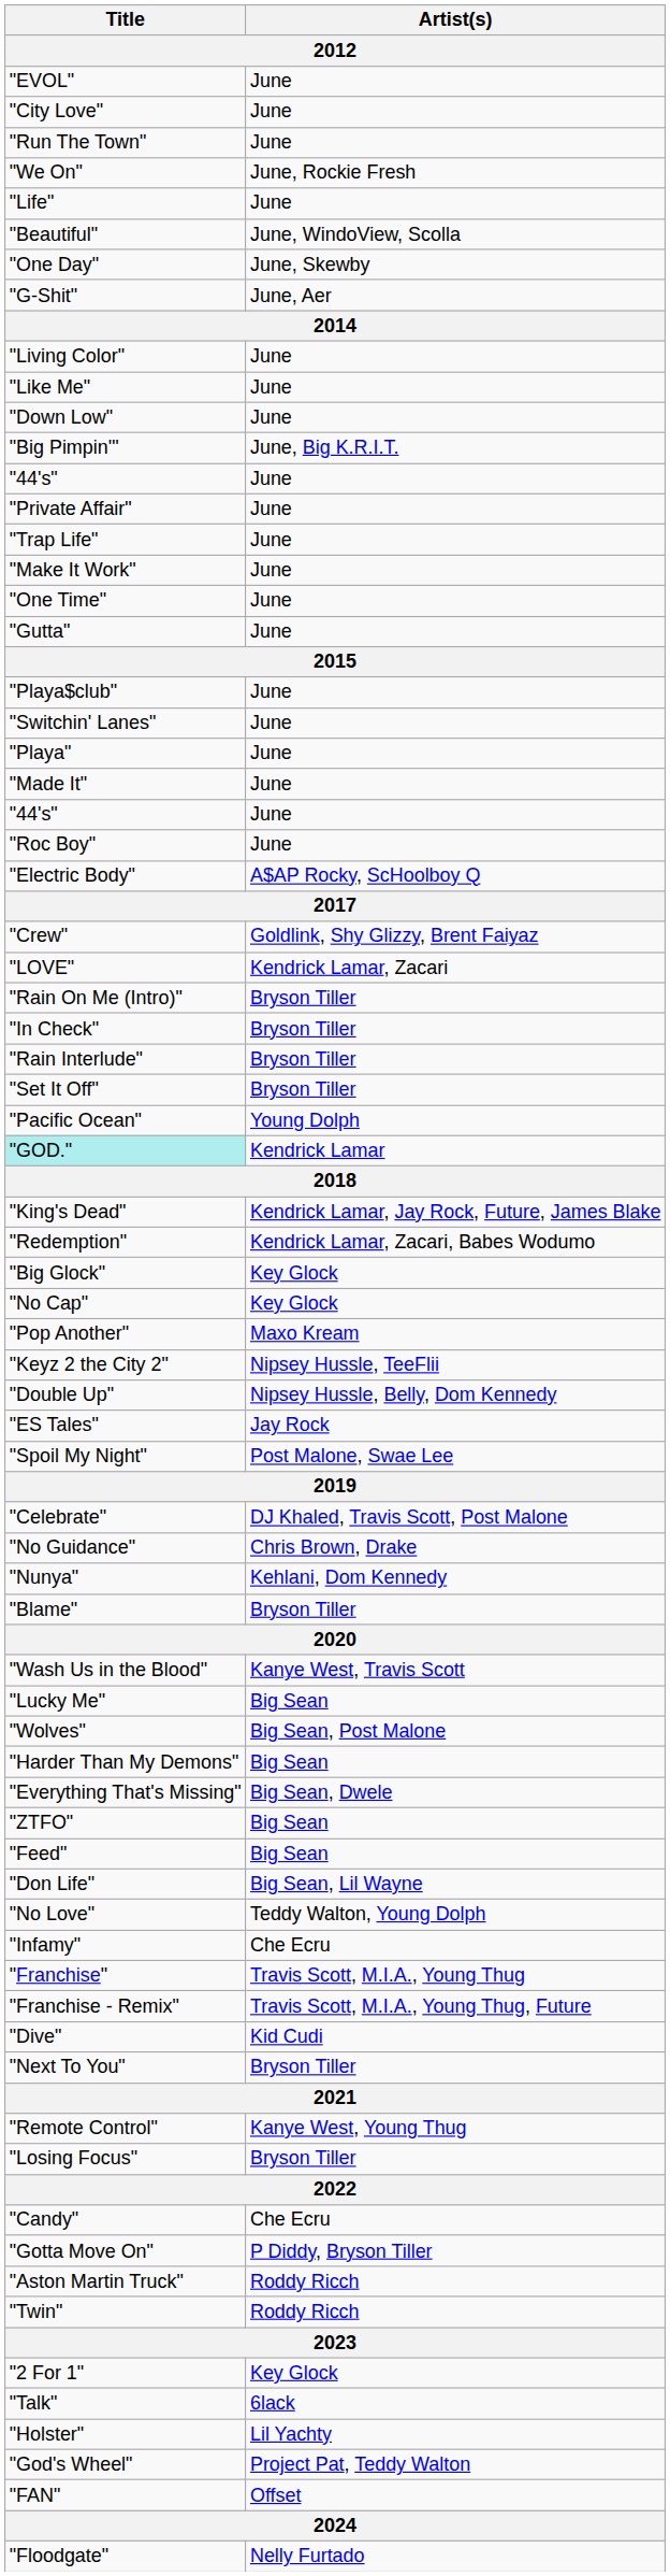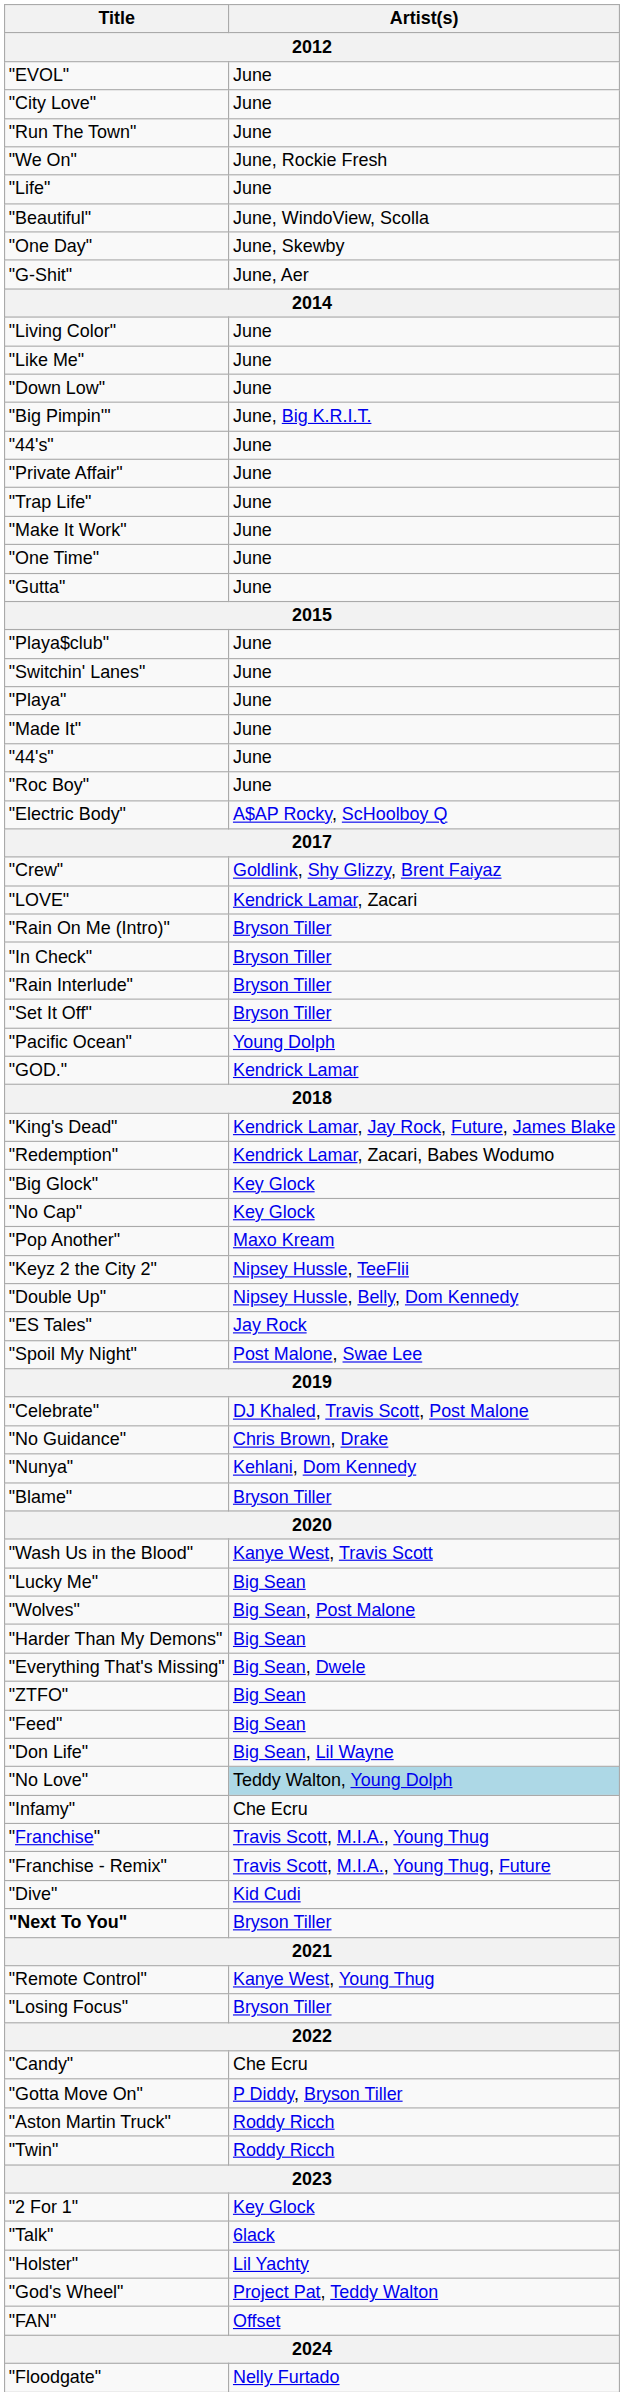 <table class="wikitable">
 <tr>
 <th>Title</th>
 <th>Artist(s)</th>
 </tr>
 <tr>
 <th colspan="2">2012</th>
 </tr>
 <tr>
 <td>"EVOL"</td>
 <td>June</td>
 </tr>
 <tr>
 <td>"City Love"</td>
 <td>June</td>
 </tr>
 <tr>
 <td>"Run The Town"</td>
 <td>June</td>
 </tr>
 <tr>
 <td>"We On"</td>
 <td>June, Rockie Fresh</td>
 </tr>
 <tr>
 <td>"Life"</td>
 <td>June</td>
 </tr>
 <tr>
 <td>"Beautiful"</td>
 <td>June, WindoView, Scolla</td>
 </tr>
 <tr>
 <td>"One Day"</td>
 <td>June, Skewby</td>
 </tr>
 <tr>
 <td>"G-Shit"</td>
 <td>June, Aer</td>
 </tr>
 <tr>
 <th colspan="2">2014</th>
 </tr>
 <tr>
 <td>"Living Color"</td>
 <td>June</td>
 </tr>
 <tr>
 <td>"Like Me"</td>
 <td>June</td>
 </tr>
 <tr>
 <td>"Down Low"</td>
 <td>June</td>
 </tr>
 <tr>
 <td>"Big Pimpin'"</td>
 <td>June, <a href='#'>Big K.R.I.T.</a></td>
 </tr>
 <tr>
 <td>"44's"</td>
 <td>June</td>
 </tr>
 <tr>
 <td>"Private Affair"</td>
 <td>June</td>
 </tr>
 <tr>
 <td>"Trap Life"</td>
 <td>June</td>
 </tr>
 <tr>
 <td>"Make It Work"</td>
 <td>June</td>
 </tr>
 <tr>
 <td>"One Time"</td>
 <td>June</td>
 </tr>
 <tr>
 <td>"Gutta"</td>
 <td>June</td>
 </tr>
 <tr>
 <th colspan="2">2015</th>
 </tr>
 <tr>
 <td>"Playa$club"</td>
 <td>June</td>
 </tr>
 <tr>
 <td>"Switchin' Lanes"</td>
 <td>June</td>
 </tr>
 <tr>
 <td>"Playa"</td>
 <td>June</td>
 </tr>
 <tr>
 <td>"Made It"</td>
 <td>June</td>
 </tr>
 <tr>
 <td>"44's"</td>
 <td>June</td>
 </tr>
 <tr>
 <td>"Roc Boy"</td>
 <td>June</td>
 </tr>
 <tr>
 <td>"Electric Body"</td>
 <td><a href='#'>A$AP Rocky</a>, <a href='#'>ScHoolboy Q</a></td>
 </tr>
 <tr>
 <th colspan="2">2017</th>
 </tr>
 <tr>
 <td>"Crew"</td>
 <td><a href='#'>Goldlink</a>, <a href='#'>Shy Glizzy</a>, <a href='#'>Brent Faiyaz</a></td>
 </tr>
 <tr>
 <td>"LOVE"</td>
 <td><a href='#'>Kendrick Lamar</a>, Zacari</td>
 </tr>
 <tr>
 <td>"Rain On Me (Intro)"</td>
 <td><a href='#'>Bryson Tiller</a></td>
 </tr>
 <tr>
 <td>"In Check"</td>
 <td><a href='#'>Bryson Tiller</a></td>
 </tr>
 <tr>
 <td>"Rain Interlude"</td>
 <td><a href='#'>Bryson Tiller</a></td>
 </tr>
 <tr>
 <td>"Set It Off"</td>
 <td><a href='#'>Bryson Tiller</a></td>
 </tr>
 <tr>
 <td>"Pacific Ocean"</td>
 <td><a href='#'>Young Dolph</a></td>
 </tr>
 <tr>
-<td style="background: paleturquoise;">"GOD."</td>
+<td>"GOD."</td>
 <td><a href='#'>Kendrick Lamar</a></td>
 </tr>
 <tr>
 <th colspan="2">2018</th>
 </tr>
 <tr>
 <td>"King's Dead"</td>
 <td><a href='#'>Kendrick Lamar</a>, <a href='#'>Jay Rock</a>, <a href='#'>Future</a>, <a href='#'>James Blake</a></td>
 </tr>
 <tr>
 <td>"Redemption"</td>
 <td><a href='#'>Kendrick Lamar</a>, Zacari, Babes Wodumo</td>
 </tr>
 <tr>
 <td>"Big Glock"</td>
 <td><a href='#'>Key Glock</a></td>
 </tr>
 <tr>
 <td>"No Cap"</td>
 <td><a href='#'>Key Glock</a></td>
 </tr>
 <tr>
 <td>"Pop Another"</td>
 <td><a href='#'>Maxo Kream</a></td>
 </tr>
 <tr>
 <td>"Keyz 2 the City 2"</td>
 <td><a href='#'>Nipsey Hussle</a>, <a href='#'>TeeFlii</a></td>
 </tr>
 <tr>
 <td>"Double Up"</td>
 <td><a href='#'>Nipsey Hussle</a>, <a href='#'>Belly</a>, <a href='#'>Dom Kennedy</a></td>
 </tr>
 <tr>
 <td>"ES Tales"</td>
 <td><a href='#'>Jay Rock</a></td>
 </tr>
 <tr>
 <td>"Spoil My Night"</td>
 <td><a href='#'>Post Malone</a>, <a href='#'>Swae Lee</a></td>
 </tr>
 <tr>
 <th colspan="2">2019</th>
 </tr>
 <tr>
 <td>"Celebrate"</td>
 <td><a href='#'>DJ Khaled</a>, <a href='#'>Travis Scott</a>, <a href='#'>Post Malone</a></td>
 </tr>
 <tr>
 <td>"No Guidance"</td>
 <td><a href='#'>Chris Brown</a>, <a href='#'>Drake</a></td>
 </tr>
 <tr>
 <td>"Nunya"</td>
 <td><a href='#'>Kehlani</a>, <a href='#'>Dom Kennedy</a></td>
 </tr>
 <tr>
 <td>"Blame"</td>
 <td><a href='#'>Bryson Tiller</a></td>
 </tr>
 <tr>
 <th colspan="3">2020</th>
 </tr>
 <tr>
 <td>"Wash Us in the Blood"</td>
 <td><a href='#'>Kanye West</a>, <a href='#'>Travis Scott</a></td>
 </tr>
 <tr>
 <td>"Lucky Me"</td>
 <td><a href='#'>Big Sean</a></td>
 </tr>
 <tr>
 <td>"Wolves"</td>
 <td><a href='#'>Big Sean</a>, <a href='#'>Post Malone</a></td>
 </tr>
 <tr>
 <td>"Harder Than My Demons"</td>
 <td><a href='#'>Big Sean</a></td>
 </tr>
 <tr>
 <td>"Everything That's Missing"</td>
 <td><a href='#'>Big Sean</a>, <a href='#'>Dwele</a></td>
 </tr>
 <tr>
 <td>"ZTFO"</td>
 <td><a href='#'>Big Sean</a></td>
 </tr>
 <tr>
 <td>"Feed"</td>
 <td><a href='#'>Big Sean</a></td>
 </tr>
 <tr>
 <td>"Don Life"</td>
 <td><a href='#'>Big Sean</a>, <a href='#'>Lil Wayne</a></td>
 </tr>
 <tr>
 <td>"No Love"</td>
-<td>Teddy Walton, <a href='#'>Young Dolph</a></td>
+<td style="background: lightblue;">Teddy Walton, <a href='#'>Young Dolph</a></td>
 </tr>
 <tr>
 <td>"Infamy"</td>
 <td>Che Ecru</td>
 </tr>
 <tr>
 <td>"<a href='#'>Franchise</a>"</td>
 <td><a href='#'>Travis Scott</a>, <a href='#'>M.I.A.</a>, <a href='#'>Young Thug</a></td>
 </tr>
 <tr>
 <td>"Franchise - Remix"</td>
 <td><a href='#'>Travis Scott</a>, <a href='#'>M.I.A.</a>, <a href='#'>Young Thug</a>, <a href='#'>Future</a></td>
 </tr>
 <tr>
 <td>"Dive"</td>
 <td><a href='#'>Kid Cudi</a></td>
 </tr>
 <tr>
-<td>"Next To You"</td>
+<td><strong>"Next To You"</strong></td>
 <td><a href='#'>Bryson Tiller</a></td>
 </tr>
 <tr>
 <th colspan="4">2021</th>
 </tr>
 <tr>
 <td>"Remote Control"</td>
 <td><a href='#'>Kanye West</a>, <a href='#'>Young Thug</a></td>
 </tr>
 <tr>
 <td>"Losing Focus"</td>
 <td><a href='#'>Bryson Tiller</a></td>
 </tr>
 <tr>
 <th colspan="4">2022</th>
 </tr>
 <tr>
 <td>"Candy"</td>
 <td>Che Ecru</td>
 </tr>
 <tr>
 <td>"Gotta Move On"</td>
 <td><a href='#'>P Diddy</a>, <a href='#'>Bryson Tiller</a></td>
 </tr>
 <tr>
 <td>"Aston Martin Truck"</td>
 <td><a href='#'>Roddy Ricch</a></td>
 </tr>
 <tr>
 <td>"Twin"</td>
 <td><a href='#'>Roddy Ricch</a></td>
 </tr>
 <tr>
 <th colspan="4">2023</th>
 </tr>
 <tr>
 <td>"2 For 1"</td>
 <td><a href='#'>Key Glock</a></td>
 </tr>
 <tr>
 <td>"Talk"</td>
 <td><a href='#'>6lack</a></td>
 </tr>
 <tr>
 <td>"Holster"</td>
 <td><a href='#'>Lil Yachty</a></td>
 </tr>
 <tr>
 <td>"God's Wheel"</td>
 <td><a href='#'>Project Pat</a>, <a href='#'>Teddy Walton</a></td>
 </tr>
 <tr>
 <td>"FAN"</td>
 <td><a href='#'>Offset</a></td>
 </tr>
 <tr>
 <th colspan="4">2024</th>
 </tr>
 <tr>
 <td>"Floodgate"</td>
 <td><a href='#'>Nelly Furtado</a></td>
 </tr>
 </table>
